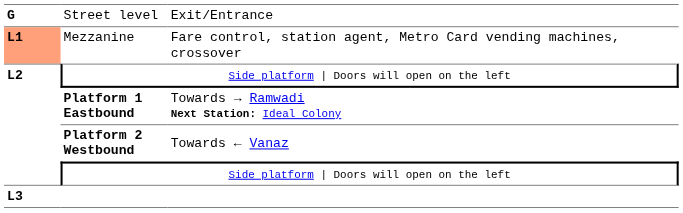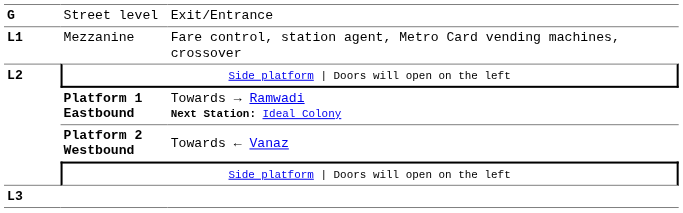 <table table border=0 cellspacing=0 cellpadding=3>
 <tr>
 <td style="border-bottom:solid 1px grey;border-top:solid 1px grey;" width=50 valign=top><strong>G</strong></td>
 <td style="border-top:solid 1px grey;border-bottom:solid 1px grey;" width=100 valign=top>Street level</td>
 <td style="border-top:solid 1px grey;border-bottom:solid 1px grey;" width=500 valign=top>Exit/Entrance</td>
 </tr>
 <tr>
-<td valign=top style="background: lightsalmon;"><strong>L1</strong></td>
+<td valign=top><strong>L1</strong></td>
 <td valign=top>Mezzanine</td>
 <td valign=top>Fare control, station agent, Metro Card vending machines, crossover<br></td>
 </tr>
 <tr>
 <td style="border-top:solid 1px grey;border-bottom:solid 1px grey;" width=50 rowspan=4 valign=top><strong>L2</strong></td>
 <td style="border-top:solid 1px grey;border-right:solid 2px black;border-left:solid 2px black;border-bottom:solid 2px black;text-align:center;" colspan=2><small><a href='#'>Side platform</a> | Doors will open on the left </small></td>
 </tr>
 <tr>
 <td style="border-bottom:solid 1px grey;" width=100><span><strong>Platform 1</strong><br><strong>Eastbound</strong></span></td>
 <td style="border-bottom:solid 1px grey;" width=500>Towards → <a href='#'>Ramwadi</a><br><small><strong>Next Station:</strong> <a href='#'>Ideal Colony</a></small></td>
 </tr>
 <tr>
 <td><span><strong>Platform 2</strong><br><strong>Westbound</strong></span></td>
 <td>Towards ← <a href='#'>Vanaz</a></td>
 </tr>
 <tr>
 <td style="border-top:solid 2px black;border-right:solid 2px black;border-left:solid 2px black;border-bottom:solid 1px grey;" colspan=2  align=center><small><a href='#'>Side platform</a> | Doors will open on the left </small></td>
 </tr>
 <tr>
 <td style="border-bottom:solid 1px grey;" width=50 rowspan=2 valign=top><strong>L3</strong></td>
 <td style="border-bottom:solid 1px grey;" width=100></td>
 <td style="border-bottom:solid 1px grey;" width=500></td>
 </tr>
 <tr>
 </tr>
 </table>
